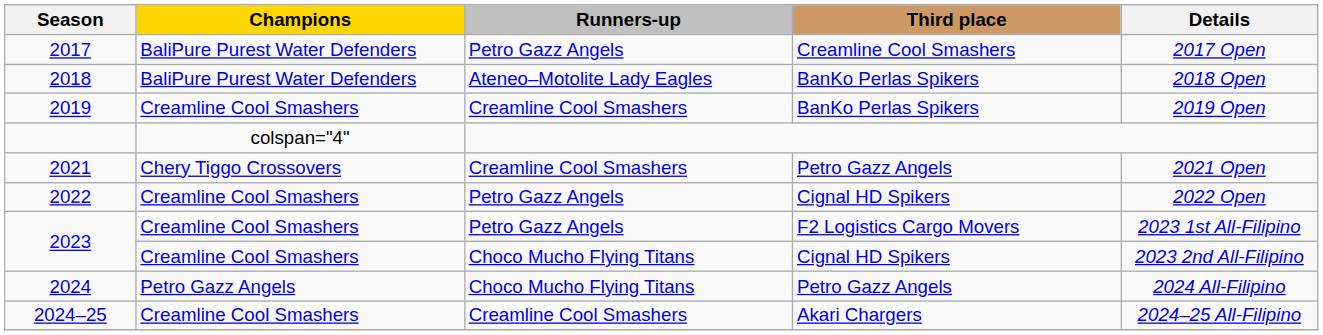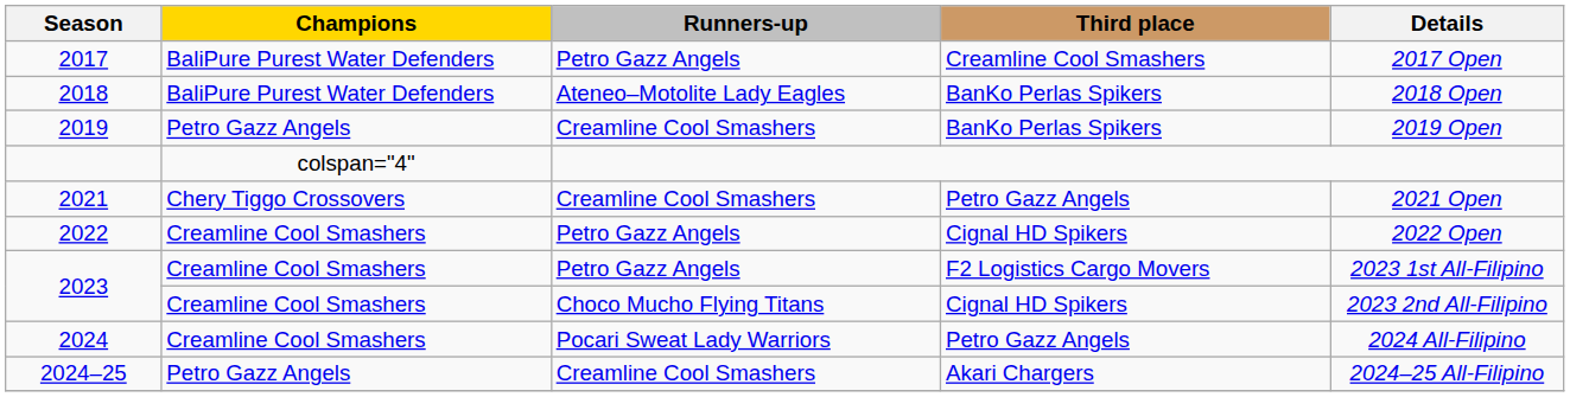 <table class=wikitable style="border-collapse: collapse; font-size:90%; text-align: center" width=80%>
 <tr>
 <th width=10%>Season</th>
 <th width=25% style="background:gold">Champions</th>
 <th width=25% style="background:silver">Runners-up</th>
 <th width=25% style="background:#cc9966">Third place</th>
 <th width=15%>Details</th>
 </tr>
 <tr>
 <td><a href='#'>2017</a></td>
 <td style="text-align:left"><a href='#'>BaliPure Purest Water Defenders</a></td>
 <td style="text-align:left"><a href='#'>Petro Gazz Angels</a></td>
 <td style="text-align:left"><a href='#'>Creamline Cool Smashers</a></td>
 <td><a href='#'><em>2017 Open</em></a></td>
 </tr>
 <tr>
 <td><a href='#'>2018</a></td>
 <td style="text-align:left"><a href='#'>BaliPure Purest Water Defenders</a></td>
 <td style="text-align:left"><a href='#'>Ateneo–Motolite Lady Eagles</a></td>
 <td style="text-align:left"><a href='#'>BanKo Perlas Spikers</a></td>
 <td><a href='#'><em>2018 Open</em></a></td>
 </tr>
 <tr>
 <td><a href='#'>2019</a></td>
-<td style="text-align:left"><a href='#'>Creamline Cool Smashers</a></td>
+<td style="text-align:left"><a href='#'>Petro Gazz Angels</a></td>
 <td style="text-align:left"><a href='#'>Creamline Cool Smashers</a></td>
 <td style="text-align:left"><a href='#'>BanKo Perlas Spikers</a></td>
 <td><a href='#'><em>2019 Open</em></a></td>
 </tr>
 <tr>
 <td></td>
 <td>colspan="4" </td>
 </tr>
 <tr>
 <td><a href='#'>2021</a></td>
 <td style="text-align:left"><a href='#'>Chery Tiggo Crossovers</a></td>
 <td style="text-align:left"><a href='#'>Creamline Cool Smashers</a></td>
 <td style="text-align:left"><a href='#'>Petro Gazz Angels</a></td>
 <td><a href='#'><em>2021 Open</em></a></td>
 </tr>
 <tr>
 <td><a href='#'>2022</a></td>
 <td style="text-align:left"><a href='#'>Creamline Cool Smashers</a></td>
 <td style="text-align:left"><a href='#'>Petro Gazz Angels</a></td>
 <td style="text-align:left"><a href='#'>Cignal HD Spikers</a></td>
 <td><a href='#'><em>2022 Open</em></a></td>
 </tr>
 <tr>
 <td rowspan="2"><a href='#'>2023</a></td>
 <td style="text-align:left"><a href='#'>Creamline Cool Smashers</a></td>
 <td style="text-align:left"><a href='#'>Petro Gazz Angels</a></td>
 <td style="text-align:left"><a href='#'>F2 Logistics Cargo Movers</a></td>
 <td><a href='#'><em>2023 1st All-Filipino</em></a></td>
 </tr>
 <tr>
 <td style="text-align:left"><a href='#'>Creamline Cool Smashers</a></td>
 <td style="text-align:left"><a href='#'>Choco Mucho Flying Titans</a></td>
 <td style="text-align:left"><a href='#'>Cignal HD Spikers</a></td>
 <td><a href='#'><em>2023 2nd All-Filipino</em></a></td>
 </tr>
 <tr>
 <td><a href='#'>2024</a></td>
-<td style="text-align:left"><a href='#'>Petro Gazz Angels</a></td>
-<td style="text-align:left"><a href='#'>Choco Mucho Flying Titans</a></td>
+<td style="text-align:left"><a href='#'>Creamline Cool Smashers</a></td>
+<td style="text-align:left"><a href='#'>Pocari Sweat Lady Warriors</a></td>
 <td style="text-align:left"><a href='#'>Petro Gazz Angels</a></td>
 <td><a href='#'><em>2024 All-Filipino</em></a></td>
 </tr>
 <tr>
 <td><a href='#'>2024–25</a></td>
-<td style="text-align:left"><a href='#'>Creamline Cool Smashers</a></td>
+<td style="text-align:left"><a href='#'>Petro Gazz Angels</a></td>
 <td style="text-align:left"><a href='#'>Creamline Cool Smashers</a></td>
 <td style="text-align:left"><a href='#'>Akari Chargers</a></td>
 <td><a href='#'><em>2024–25 All-Filipino</em></a></td>
 </tr>
 <tr>
 </tr>
 </table>
